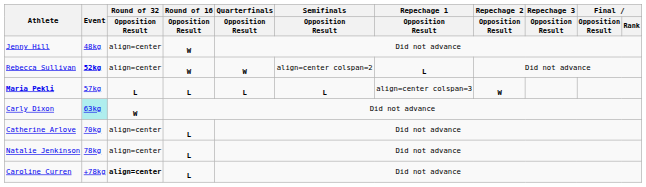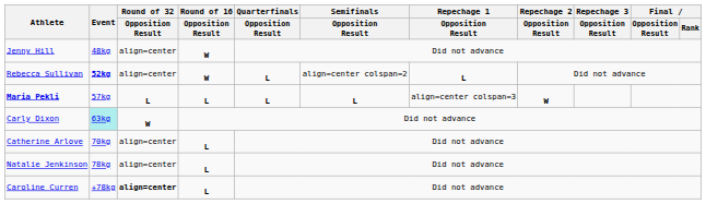 <table class="wikitable" style="font-size:90%">
 <tr>
 <th rowspan="2">Athlete</th>
 <th rowspan="2">Event</th>
 <th>Round of 32</th>
 <th>Round of 16</th>
 <th>Quarterfinals</th>
 <th>Semifinals</th>
 <th>Repechage 1</th>
 <th>Repechage 2</th>
 <th>Repechage 3</th>
 <th colspan=2>Final / </th>
 </tr>
 <tr style="font-size:95%">
 <th>Opposition<br>Result</th>
 <th>Opposition<br>Result</th>
 <th>Opposition<br>Result</th>
 <th>Opposition<br>Result</th>
 <th>Opposition<br>Result</th>
 <th>Opposition<br>Result</th>
 <th>Opposition<br>Result</th>
 <th>Opposition<br>Result</th>
 <th>Rank</th>
 </tr>
 <tr>
 <td align=left><a href='#'>Jenny Hill</a></td>
 <td align=left><a href='#'>48kg</a></td>
 <td>align=center </td>
 <td align=center><br><strong>W</strong></td>
 <td align=center colspan=7>Did not advance</td>
 </tr>
 <tr>
 <td align=left><a href='#'>Rebecca Sullivan</a></td>
 <td align=left><strong><a href='#'>52kg</a></strong></td>
 <td>align=center </td>
 <td align=center><br><strong>W</strong></td>
-<td align=center><br><strong>W</strong></td>
+<td align=center><br><strong>L</strong></td>
 <td>align=center colspan=2 </td>
 <td align=center><br><strong>L</strong></td>
 <td align=center colspan=4>Did not advance</td>
 </tr>
 <tr>
 <td align=left><strong><a href='#'>Maria Pekli</a></strong></td>
 <td align=left><a href='#'>57kg</a></td>
 <td align=center><br><strong>L</strong></td>
 <td align=center><br><strong>L</strong></td>
 <td align=center><br><strong>L</strong></td>
 <td align=center><br><strong>L</strong></td>
 <td>align=center colspan=3 </td>
 <td align=center><br><strong>W</strong></td>
 <td align=center></td>
 </tr>
 <tr>
 <td align=left><a href='#'>Carly Dixon</a></td>
 <td align=left style="background: paleturquoise;"><a href='#'>63kg</a></td>
 <td align=center><br><strong>W</strong></td>
 <td align=center colspan=8>Did not advance</td>
 </tr>
 <tr>
 <td align=left><a href='#'>Catherine Arlove</a></td>
 <td align=left><a href='#'>70kg</a></td>
 <td>align=center </td>
 <td align=center><br><strong>L</strong></td>
 <td align=center colspan=7>Did not advance</td>
 </tr>
 <tr>
 <td align=left><a href='#'>Natalie Jenkinson</a></td>
 <td align=left><a href='#'>78kg</a></td>
 <td>align=center </td>
 <td align=center><br><strong>L</strong></td>
 <td align=center colspan=7>Did not advance</td>
 </tr>
 <tr>
 <td align=left><a href='#'>Caroline Curren</a></td>
 <td align=left><a href='#'>+78kg</a></td>
 <td><strong>align=center </strong></td>
 <td align=center><br><strong>L</strong></td>
 <td align=center colspan=7>Did not advance</td>
 </tr>
 </table>
